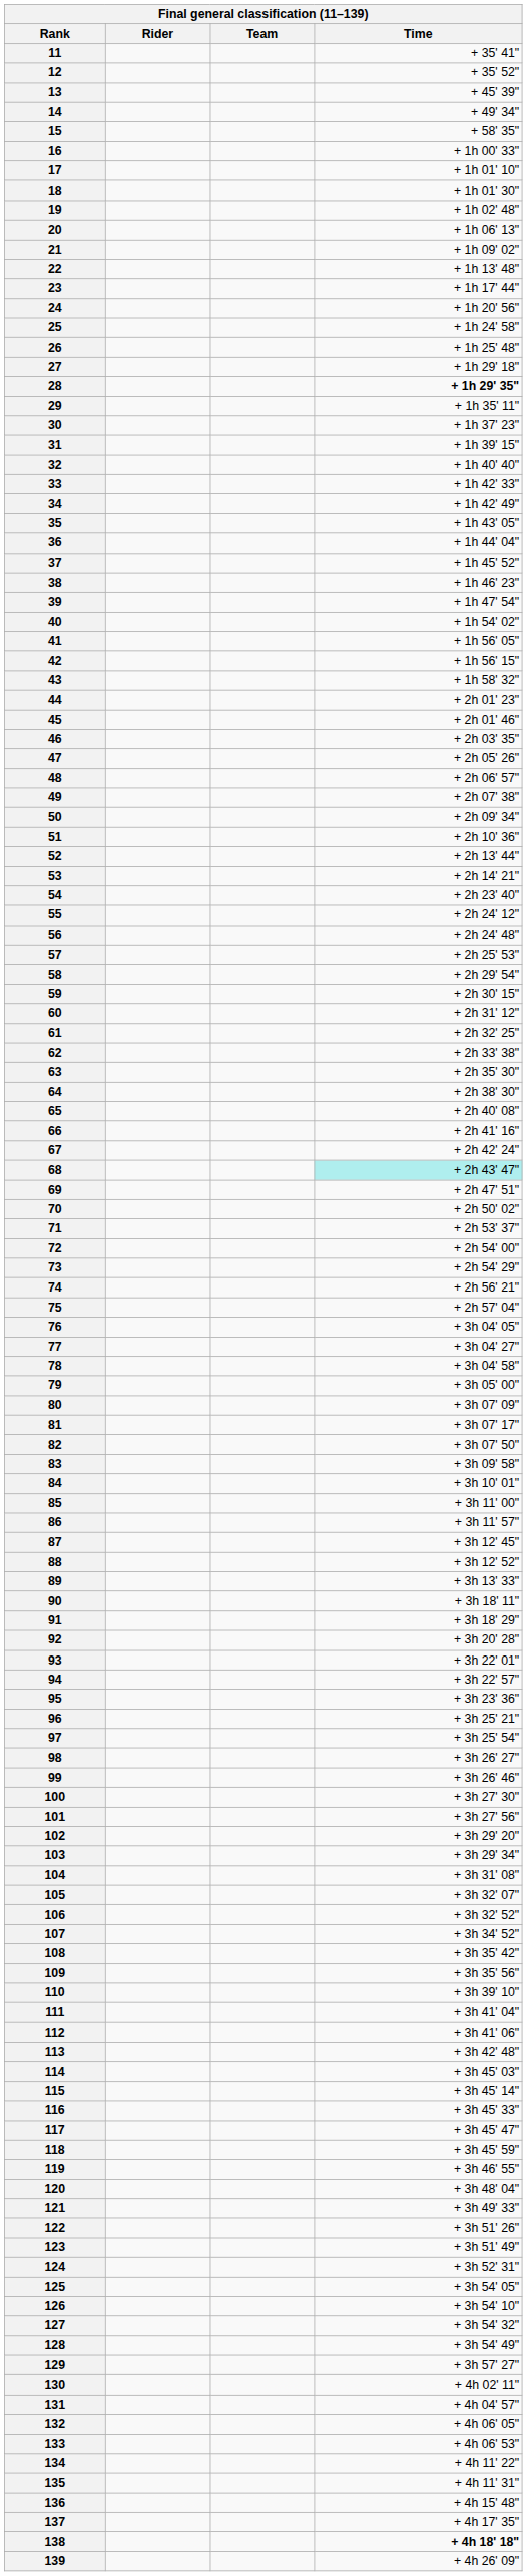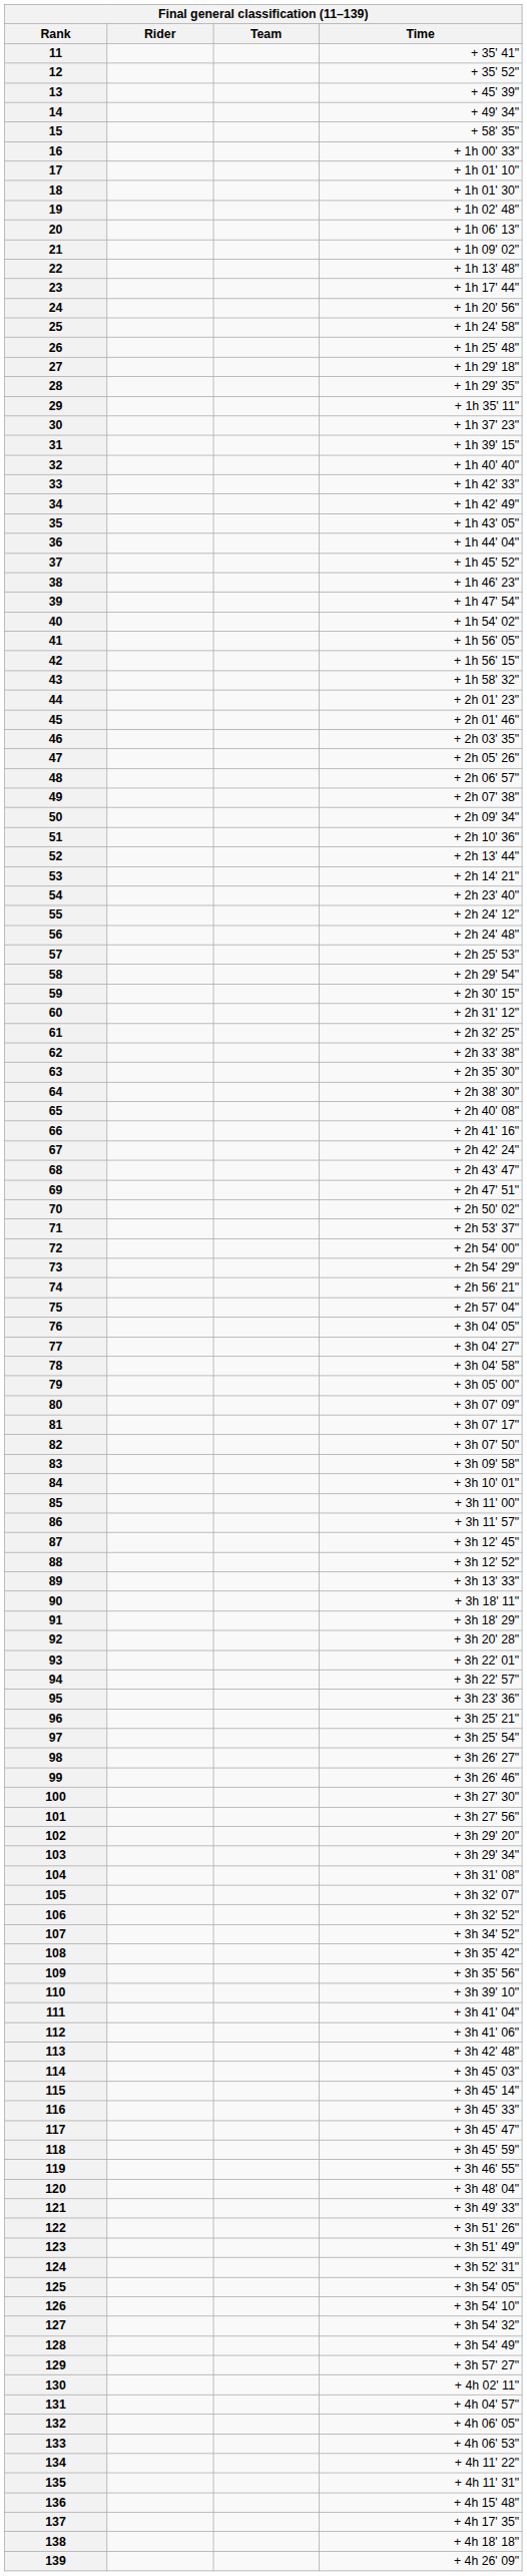 <table class="collapsible collapsed wikitable" style="width:42em;margin-top:-1px;">
 <tr>
 <th scope="col" colspan="4">Final general classification (11–139)</th>
 </tr>
 <tr>
 <th scope="col">Rank</th>
 <th scope="col">Rider</th>
 <th scope="col">Team</th>
 <th scope="col">Time</th>
 </tr>
 <tr |->
 <th scope="row">11</th>
 <td></td>
 <td></td>
 <td style="text-align:right;">+ 35' 41"</td>
 </tr>
 <tr>
 <th scope="row">12</th>
 <td></td>
 <td></td>
 <td style="text-align:right;">+ 35' 52"</td>
 </tr>
 <tr>
 <th scope="row">13</th>
 <td></td>
 <td></td>
 <td style="text-align:right;">+ 45' 39"</td>
 </tr>
 <tr>
 <th scope="row">14</th>
 <td></td>
 <td></td>
 <td style="text-align:right;">+ 49' 34"</td>
 </tr>
 <tr>
 <th scope="row">15</th>
 <td></td>
 <td></td>
 <td style="text-align:right;">+ 58' 35"</td>
 </tr>
 <tr>
 <th scope="row">16</th>
 <td></td>
 <td></td>
 <td style="text-align:right;">+ 1h 00' 33"</td>
 </tr>
 <tr>
 <th scope="row">17</th>
 <td></td>
 <td></td>
 <td style="text-align:right;">+ 1h 01' 10"</td>
 </tr>
 <tr>
 <th scope="row">18</th>
 <td></td>
 <td></td>
 <td style="text-align:right;">+ 1h 01' 30"</td>
 </tr>
 <tr>
 <th scope="row">19</th>
 <td></td>
 <td></td>
 <td style="text-align:right;">+ 1h 02' 48"</td>
 </tr>
 <tr>
 <th scope="row">20</th>
 <td></td>
 <td></td>
 <td style="text-align:right;">+ 1h 06' 13"</td>
 </tr>
 <tr>
 <th scope="row">21</th>
 <td></td>
 <td></td>
 <td style="text-align:right;">+ 1h 09' 02"</td>
 </tr>
 <tr>
 <th scope="row">22</th>
 <td></td>
 <td></td>
 <td style="text-align:right;">+ 1h 13' 48"</td>
 </tr>
 <tr>
 <th scope="row">23</th>
 <td></td>
 <td></td>
 <td style="text-align:right;">+ 1h 17' 44"</td>
 </tr>
 <tr>
 <th scope="row">24</th>
 <td></td>
 <td></td>
 <td style="text-align:right;">+ 1h 20' 56"</td>
 </tr>
 <tr>
 <th scope="row">25</th>
 <td></td>
 <td></td>
 <td style="text-align:right;">+ 1h 24' 58"</td>
 </tr>
 <tr>
 <th scope="row">26</th>
 <td></td>
 <td></td>
 <td style="text-align:right;">+ 1h 25' 48"</td>
 </tr>
 <tr>
 <th scope="row">27</th>
 <td></td>
 <td></td>
 <td style="text-align:right;">+ 1h 29' 18"</td>
 </tr>
 <tr>
 <th scope="row">28</th>
 <td></td>
 <td></td>
-<td style="text-align:right;"><strong>+ 1h 29' 35"</strong></td>
+<td style="text-align:right;">+ 1h 29' 35"</td>
 </tr>
 <tr>
 <th scope="row">29</th>
 <td></td>
 <td></td>
 <td style="text-align:right;">+ 1h 35' 11"</td>
 </tr>
 <tr>
 <th scope="row">30</th>
 <td></td>
 <td></td>
 <td style="text-align:right;">+ 1h 37' 23"</td>
 </tr>
 <tr>
 <th scope="row">31</th>
 <td></td>
 <td></td>
 <td style="text-align:right;">+ 1h 39' 15"</td>
 </tr>
 <tr>
 <th scope="row">32</th>
 <td></td>
 <td></td>
 <td style="text-align:right;">+ 1h 40' 40"</td>
 </tr>
 <tr>
 <th scope="row">33</th>
 <td></td>
 <td></td>
 <td style="text-align:right;">+ 1h 42' 33"</td>
 </tr>
 <tr>
 <th scope="row">34</th>
 <td></td>
 <td></td>
 <td style="text-align:right;">+ 1h 42' 49"</td>
 </tr>
 <tr>
 <th scope="row">35</th>
 <td></td>
 <td></td>
 <td style="text-align:right;">+ 1h 43' 05"</td>
 </tr>
 <tr>
 <th scope="row">36</th>
 <td></td>
 <td></td>
 <td style="text-align:right;">+ 1h 44' 04"</td>
 </tr>
 <tr>
 <th scope="row">37</th>
 <td></td>
 <td></td>
 <td style="text-align:right;">+ 1h 45' 52"</td>
 </tr>
 <tr>
 <th scope="row">38</th>
 <td></td>
 <td></td>
 <td style="text-align:right;">+ 1h 46' 23"</td>
 </tr>
 <tr>
 <th scope="row">39</th>
 <td></td>
 <td></td>
 <td style="text-align:right;">+ 1h 47' 54"</td>
 </tr>
 <tr>
 <th scope="row">40</th>
 <td></td>
 <td></td>
 <td style="text-align:right;">+ 1h 54' 02"</td>
 </tr>
 <tr>
 <th scope="row">41</th>
 <td></td>
 <td></td>
 <td style="text-align:right;">+ 1h 56' 05"</td>
 </tr>
 <tr>
 <th scope="row">42</th>
 <td></td>
 <td></td>
 <td style="text-align:right;">+ 1h 56' 15"</td>
 </tr>
 <tr>
 <th scope="row">43</th>
 <td></td>
 <td></td>
 <td style="text-align:right;">+ 1h 58' 32"</td>
 </tr>
 <tr>
 <th scope="row">44</th>
 <td></td>
 <td></td>
 <td style="text-align:right;">+ 2h 01' 23"</td>
 </tr>
 <tr>
 <th scope="row">45</th>
 <td></td>
 <td></td>
 <td style="text-align:right;">+ 2h 01' 46"</td>
 </tr>
 <tr>
 <th scope="row">46</th>
 <td></td>
 <td></td>
 <td style="text-align:right;">+ 2h 03' 35"</td>
 </tr>
 <tr>
 <th scope="row">47</th>
 <td></td>
 <td></td>
 <td style="text-align:right;">+ 2h 05' 26"</td>
 </tr>
 <tr>
 <th scope="row">48</th>
 <td></td>
 <td></td>
 <td style="text-align:right;">+ 2h 06' 57"</td>
 </tr>
 <tr>
 <th scope="row">49</th>
 <td></td>
 <td></td>
 <td style="text-align:right;">+ 2h 07' 38"</td>
 </tr>
 <tr>
 <th scope="row">50</th>
 <td></td>
 <td></td>
 <td style="text-align:right;">+ 2h 09' 34"</td>
 </tr>
 <tr>
 <th scope="row">51</th>
 <td></td>
 <td></td>
 <td style="text-align:right;">+ 2h 10' 36"</td>
 </tr>
 <tr>
 <th scope="row">52</th>
 <td></td>
 <td></td>
 <td style="text-align:right;">+ 2h 13' 44"</td>
 </tr>
 <tr>
 <th scope="row">53</th>
 <td></td>
 <td></td>
 <td style="text-align:right;">+ 2h 14' 21"</td>
 </tr>
 <tr>
 <th scope="row">54</th>
 <td></td>
 <td></td>
 <td style="text-align:right;">+ 2h 23' 40"</td>
 </tr>
 <tr>
 <th scope="row">55</th>
 <td></td>
 <td></td>
 <td style="text-align:right;">+ 2h 24' 12"</td>
 </tr>
 <tr>
 <th scope="row">56</th>
 <td></td>
 <td></td>
 <td style="text-align:right;">+ 2h 24' 48"</td>
 </tr>
 <tr>
 <th scope="row">57</th>
 <td></td>
 <td></td>
 <td style="text-align:right;">+ 2h 25' 53"</td>
 </tr>
 <tr>
 <th scope="row">58</th>
 <td></td>
 <td></td>
 <td style="text-align:right;">+ 2h 29' 54"</td>
 </tr>
 <tr>
 <th scope="row">59</th>
 <td></td>
 <td></td>
 <td style="text-align:right;">+ 2h 30' 15"</td>
 </tr>
 <tr>
 <th scope="row">60</th>
 <td></td>
 <td></td>
 <td style="text-align:right;">+ 2h 31' 12"</td>
 </tr>
 <tr>
 <th scope="row">61</th>
 <td></td>
 <td></td>
 <td style="text-align:right;">+ 2h 32' 25"</td>
 </tr>
 <tr>
 <th scope="row">62</th>
 <td></td>
 <td></td>
 <td style="text-align:right;">+ 2h 33' 38"</td>
 </tr>
 <tr>
 <th scope="row">63</th>
 <td></td>
 <td></td>
 <td style="text-align:right;">+ 2h 35' 30"</td>
 </tr>
 <tr>
 <th scope="row">64</th>
 <td></td>
 <td></td>
 <td style="text-align:right;">+ 2h 38' 30"</td>
 </tr>
 <tr>
 <th scope="row">65</th>
 <td></td>
 <td></td>
 <td style="text-align:right;">+ 2h 40' 08"</td>
 </tr>
 <tr>
 <th scope="row">66</th>
 <td> </td>
 <td></td>
 <td style="text-align:right;">+ 2h 41' 16"</td>
 </tr>
 <tr>
 <th scope="row">67</th>
 <td></td>
 <td></td>
 <td style="text-align:right;">+ 2h 42' 24"</td>
 </tr>
 <tr>
 <th scope="row">68</th>
 <td></td>
 <td></td>
-<td style="background: paleturquoise; text-align:right;">+ 2h 43' 47"</td>
+<td style="text-align:right;">+ 2h 43' 47"</td>
 </tr>
 <tr>
 <th scope="row">69</th>
 <td></td>
 <td></td>
 <td style="text-align:right;">+ 2h 47' 51"</td>
 </tr>
 <tr>
 <th scope="row">70</th>
 <td></td>
 <td></td>
 <td style="text-align:right;">+ 2h 50' 02"</td>
 </tr>
 <tr>
 <th scope="row">71</th>
 <td></td>
 <td></td>
 <td style="text-align:right;">+ 2h 53' 37"</td>
 </tr>
 <tr>
 <th scope="row">72</th>
 <td></td>
 <td></td>
 <td style="text-align:right;">+ 2h 54' 00"</td>
 </tr>
 <tr>
 <th scope="row">73</th>
 <td></td>
 <td></td>
 <td style="text-align:right;">+ 2h 54' 29"</td>
 </tr>
 <tr>
 <th scope="row">74</th>
 <td></td>
 <td></td>
 <td style="text-align:right;">+ 2h 56' 21"</td>
 </tr>
 <tr>
 <th scope="row">75</th>
 <td></td>
 <td></td>
 <td style="text-align:right;">+ 2h 57' 04"</td>
 </tr>
 <tr>
 <th scope="row">76</th>
 <td></td>
 <td></td>
 <td style="text-align:right;">+ 3h 04' 05"</td>
 </tr>
 <tr>
 <th scope="row">77</th>
 <td></td>
 <td></td>
 <td style="text-align:right;">+ 3h 04' 27"</td>
 </tr>
 <tr>
 <th scope="row">78</th>
 <td></td>
 <td></td>
 <td style="text-align:right;">+ 3h 04' 58"</td>
 </tr>
 <tr>
 <th scope="row">79</th>
 <td></td>
 <td></td>
 <td style="text-align:right;">+ 3h 05' 00"</td>
 </tr>
 <tr>
 <th scope="row">80</th>
 <td></td>
 <td></td>
 <td style="text-align:right;">+ 3h 07' 09"</td>
 </tr>
 <tr>
 <th scope="row">81</th>
 <td></td>
 <td></td>
 <td style="text-align:right;">+ 3h 07' 17"</td>
 </tr>
 <tr>
 <th scope="row">82</th>
 <td></td>
 <td></td>
 <td style="text-align:right;">+ 3h 07' 50"</td>
 </tr>
 <tr>
 <th scope="row">83</th>
 <td></td>
 <td></td>
 <td style="text-align:right;">+ 3h 09' 58"</td>
 </tr>
 <tr>
 <th scope="row">84</th>
 <td></td>
 <td></td>
 <td style="text-align:right;">+ 3h 10' 01"</td>
 </tr>
 <tr>
 <th scope="row">85</th>
 <td></td>
 <td></td>
 <td style="text-align:right;">+ 3h 11' 00"</td>
 </tr>
 <tr>
 <th scope="row">86</th>
 <td></td>
 <td></td>
 <td style="text-align:right;">+ 3h 11' 57"</td>
 </tr>
 <tr>
 <th scope="row">87</th>
 <td></td>
 <td></td>
 <td style="text-align:right;">+ 3h 12' 45"</td>
 </tr>
 <tr>
 <th scope="row">88</th>
 <td></td>
 <td></td>
 <td style="text-align:right;">+ 3h 12' 52"</td>
 </tr>
 <tr>
 <th scope="row">89</th>
 <td></td>
 <td></td>
 <td style="text-align:right;">+ 3h 13' 33"</td>
 </tr>
 <tr>
 <th scope="row">90</th>
 <td></td>
 <td></td>
 <td style="text-align:right;">+ 3h 18' 11"</td>
 </tr>
 <tr>
 <th scope="row">91</th>
 <td></td>
 <td></td>
 <td style="text-align:right;">+ 3h 18' 29"</td>
 </tr>
 <tr>
 <th scope="row">92</th>
 <td></td>
 <td></td>
 <td style="text-align:right;">+ 3h 20' 28"</td>
 </tr>
 <tr>
 <th scope="row">93</th>
 <td></td>
 <td></td>
 <td style="text-align:right;">+ 3h 22' 01"</td>
 </tr>
 <tr>
 <th scope="row">94</th>
 <td></td>
 <td></td>
 <td style="text-align:right;">+ 3h 22' 57"</td>
 </tr>
 <tr>
 <th scope="row">95</th>
 <td></td>
 <td></td>
 <td style="text-align:right;">+ 3h 23' 36"</td>
 </tr>
 <tr>
 <th scope="row">96</th>
 <td></td>
 <td></td>
 <td style="text-align:right;">+ 3h 25' 21"</td>
 </tr>
 <tr>
 <th scope="row">97</th>
 <td></td>
 <td></td>
 <td style="text-align:right;">+ 3h 25' 54"</td>
 </tr>
 <tr>
 <th scope="row">98</th>
 <td></td>
 <td></td>
 <td style="text-align:right;">+ 3h 26' 27"</td>
 </tr>
 <tr>
 <th scope="row">99</th>
 <td></td>
 <td></td>
 <td style="text-align:right;">+ 3h 26' 46"</td>
 </tr>
 <tr>
 <th scope="row">100</th>
 <td></td>
 <td></td>
 <td style="text-align:right;">+ 3h 27' 30"</td>
 </tr>
 <tr>
 <th scope="row">101</th>
 <td></td>
 <td></td>
 <td style="text-align:right;">+ 3h 27' 56"</td>
 </tr>
 <tr>
 <th scope="row">102</th>
 <td></td>
 <td></td>
 <td style="text-align:right;">+ 3h 29' 20"</td>
 </tr>
 <tr>
 <th scope="row">103</th>
 <td></td>
 <td></td>
 <td style="text-align:right;">+ 3h 29' 34"</td>
 </tr>
 <tr>
 <th scope="row">104</th>
 <td></td>
 <td></td>
 <td style="text-align:right;">+ 3h 31' 08"</td>
 </tr>
 <tr>
 <th scope="row">105</th>
 <td></td>
 <td></td>
 <td style="text-align:right;">+ 3h 32' 07"</td>
 </tr>
 <tr>
 <th scope="row">106</th>
 <td></td>
 <td></td>
 <td style="text-align:right;">+ 3h 32' 52"</td>
 </tr>
 <tr>
 <th scope="row">107</th>
 <td></td>
 <td></td>
 <td style="text-align:right;">+ 3h 34' 52"</td>
 </tr>
 <tr>
 <th scope="row">108</th>
 <td></td>
 <td></td>
 <td style="text-align:right;">+ 3h 35' 42"</td>
 </tr>
 <tr>
 <th scope="row">109</th>
 <td></td>
 <td></td>
 <td style="text-align:right;">+ 3h 35' 56"</td>
 </tr>
 <tr>
 <th scope="row">110</th>
 <td></td>
 <td></td>
 <td style="text-align:right;">+ 3h 39' 10"</td>
 </tr>
 <tr>
 <th scope="row">111</th>
 <td></td>
 <td></td>
 <td style="text-align:right;">+ 3h 41' 04"</td>
 </tr>
 <tr>
 <th scope="row">112</th>
 <td></td>
 <td></td>
 <td style="text-align:right;">+ 3h 41' 06"</td>
 </tr>
 <tr>
 <th scope="row">113</th>
 <td></td>
 <td></td>
 <td style="text-align:right;">+ 3h 42' 48"</td>
 </tr>
 <tr>
 <th scope="row">114</th>
 <td></td>
 <td></td>
 <td style="text-align:right;">+ 3h 45' 03"</td>
 </tr>
 <tr>
 <th scope="row">115</th>
 <td></td>
 <td></td>
 <td style="text-align:right;">+ 3h 45' 14"</td>
 </tr>
 <tr>
 <th scope="row">116</th>
 <td></td>
 <td></td>
 <td style="text-align:right;">+ 3h 45' 33"</td>
 </tr>
 <tr>
 <th scope="row">117</th>
 <td></td>
 <td></td>
 <td style="text-align:right;">+ 3h 45' 47"</td>
 </tr>
 <tr>
 <th scope="row">118</th>
 <td></td>
 <td></td>
 <td style="text-align:right;">+ 3h 45' 59"</td>
 </tr>
 <tr>
 <th scope="row">119</th>
 <td></td>
 <td></td>
 <td style="text-align:right;">+ 3h 46' 55"</td>
 </tr>
 <tr>
 <th scope="row">120</th>
 <td></td>
 <td></td>
 <td style="text-align:right;">+ 3h 48' 04"</td>
 </tr>
 <tr>
 <th scope="row">121</th>
 <td></td>
 <td></td>
 <td style="text-align:right;">+ 3h 49' 33"</td>
 </tr>
 <tr>
 <th scope="row">122</th>
 <td></td>
 <td></td>
 <td style="text-align:right;">+ 3h 51' 26"</td>
 </tr>
 <tr>
 <th scope="row">123</th>
 <td></td>
 <td></td>
 <td style="text-align:right;">+ 3h 51' 49"</td>
 </tr>
 <tr>
 <th scope="row">124</th>
 <td></td>
 <td></td>
 <td style="text-align:right;">+ 3h 52' 31"</td>
 </tr>
 <tr>
 <th scope="row">125</th>
 <td></td>
 <td></td>
 <td style="text-align:right;">+ 3h 54' 05"</td>
 </tr>
 <tr>
 <th scope="row">126</th>
 <td></td>
 <td></td>
 <td style="text-align:right;">+ 3h 54' 10"</td>
 </tr>
 <tr>
 <th scope="row">127</th>
 <td></td>
 <td></td>
 <td style="text-align:right;">+ 3h 54' 32"</td>
 </tr>
 <tr>
 <th scope="row">128</th>
 <td></td>
 <td></td>
 <td style="text-align:right;">+ 3h 54' 49"</td>
 </tr>
 <tr>
 <th scope="row">129</th>
 <td></td>
 <td></td>
 <td style="text-align:right;">+ 3h 57' 27"</td>
 </tr>
 <tr>
 <th scope="row">130</th>
 <td></td>
 <td></td>
 <td style="text-align:right;">+ 4h 02' 11"</td>
 </tr>
 <tr>
 <th scope="row">131</th>
 <td></td>
 <td></td>
 <td style="text-align:right;">+ 4h 04' 57"</td>
 </tr>
 <tr>
 <th scope="row">132</th>
 <td></td>
 <td></td>
 <td style="text-align:right;">+ 4h 06' 05"</td>
 </tr>
 <tr>
 <th scope="row">133</th>
 <td></td>
 <td></td>
 <td style="text-align:right;">+ 4h 06' 53"</td>
 </tr>
 <tr>
 <th scope="row">134</th>
 <td></td>
 <td></td>
 <td style="text-align:right;">+ 4h 11' 22"</td>
 </tr>
 <tr>
 <th scope="row">135</th>
 <td></td>
 <td></td>
 <td style="text-align:right;">+ 4h 11' 31"</td>
 </tr>
 <tr>
 <th scope="row">136</th>
 <td></td>
 <td></td>
 <td style="text-align:right;">+ 4h 15' 48"</td>
 </tr>
 <tr>
 <th scope="row">137</th>
 <td></td>
 <td></td>
 <td style="text-align:right;">+ 4h 17' 35"</td>
 </tr>
 <tr>
 <th scope="row">138</th>
 <td></td>
 <td></td>
-<td style="text-align:right;"><strong>+ 4h 18' 18"</strong></td>
+<td style="text-align:right;">+ 4h 18' 18"</td>
 </tr>
 <tr>
 <th scope="row">139</th>
 <td></td>
 <td></td>
 <td style="text-align:right;">+ 4h 26' 09"</td>
 </tr>
 </table>
